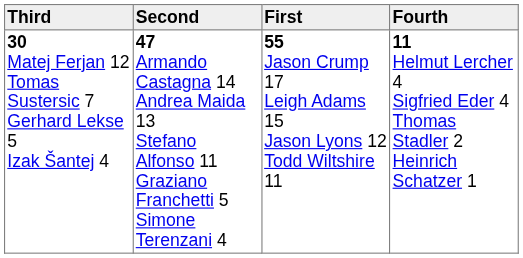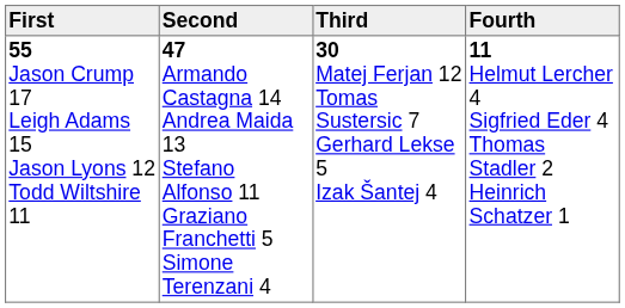 <table border=1 cellpadding=2 cellspacing=0 width=75% style="border-collapse:collapse">
 <tr align=left style="background:#efefef;">
+<th width=20%>First</th>
+<th width=20%>Second</th>
 <th width=20%>Third</th>
-<th width=20%>Second</th>
-<th width=20%>First</th>
 <th width=20%>Fourth</th>
 </tr>
 <tr align=left>
+<td valign=top><strong> 55</strong><br><a href='#'>Jason Crump</a> 17<br><a href='#'>Leigh Adams</a> 15<br><a href='#'>Jason Lyons</a> 12<br><a href='#'>Todd Wiltshire</a> 11</td>
+<td valign=top><strong> 47</strong><br><a href='#'>Armando Castagna</a> 14<br><a href='#'>Andrea Maida</a> 13<br><a href='#'>Stefano Alfonso</a> 11<br><a href='#'>Graziano Franchetti</a> 5<br><a href='#'>Simone Terenzani</a> 4</td>
 <td valign=top><strong> 30</strong><br><a href='#'>Matej Ferjan</a> 12<br><a href='#'>Tomas Sustersic</a> 7<br><a href='#'>Gerhard Lekse</a> 5<br>  <a href='#'>Izak Šantej</a> 4</td>
-<td valign=top><strong> 47</strong><br><a href='#'>Armando Castagna</a> 14<br><a href='#'>Andrea Maida</a> 13<br><a href='#'>Stefano Alfonso</a> 11<br><a href='#'>Graziano Franchetti</a> 5<br><a href='#'>Simone Terenzani</a> 4</td>
-<td valign=top><strong> 55</strong><br><a href='#'>Jason Crump</a> 17<br><a href='#'>Leigh Adams</a> 15<br><a href='#'>Jason Lyons</a> 12<br><a href='#'>Todd Wiltshire</a> 11</td>
 <td valign=top><strong> 11</strong><br><a href='#'>Helmut Lercher</a> 4<br><a href='#'>Sigfried Eder</a> 4<br><a href='#'>Thomas Stadler</a> 2<br><a href='#'>Heinrich Schatzer</a> 1</td>
 </tr>
 </table>
